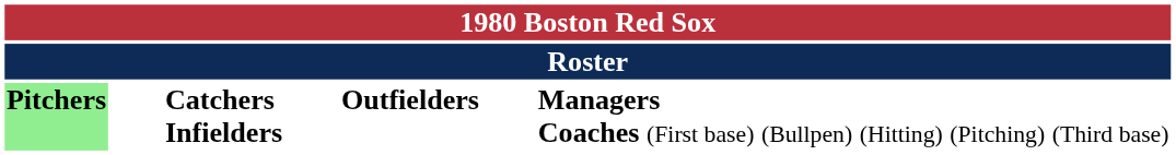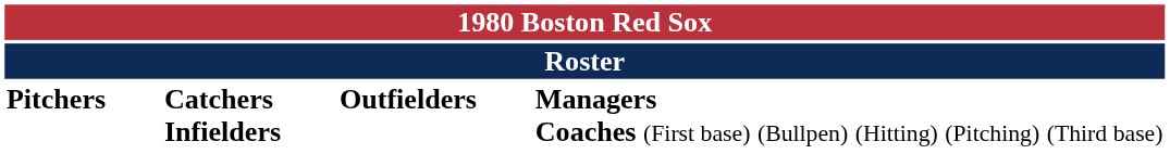 <table class="toccolours" style="text-align: left;">
 <tr>
 <th colspan="10" style="background-color: #ba313c; color: white; text-align: center;">1980 Boston Red Sox</th>
 </tr>
 <tr>
 <td colspan="10" style="background-color:#0d2b56; color: white; text-align: center;"><strong>Roster</strong></td>
 </tr>
 <tr>
-<td valign="top" style="background: lightgreen;"><strong>Pitchers</strong><br>                </td>
+<td valign="top"><strong>Pitchers</strong><br>                </td>
 <td width="25px"></td>
 <td valign="top"><strong>Catchers</strong><br>    <strong>Infielders</strong>            </td>
 <td width="25px"></td>
 <td valign="top"><strong>Outfielders</strong><br>       </td>
 <td width="25px"></td>
 <td valign="top"><strong>Managers</strong><br>  <strong>Coaches</strong>  <small>(First base)</small>  <small>(Bullpen)</small>  <small>(Hitting)</small>  <small>(Pitching)</small>  <small>(Third base)</small></td>
 </tr>
 <tr>
 </tr>
 </table>
